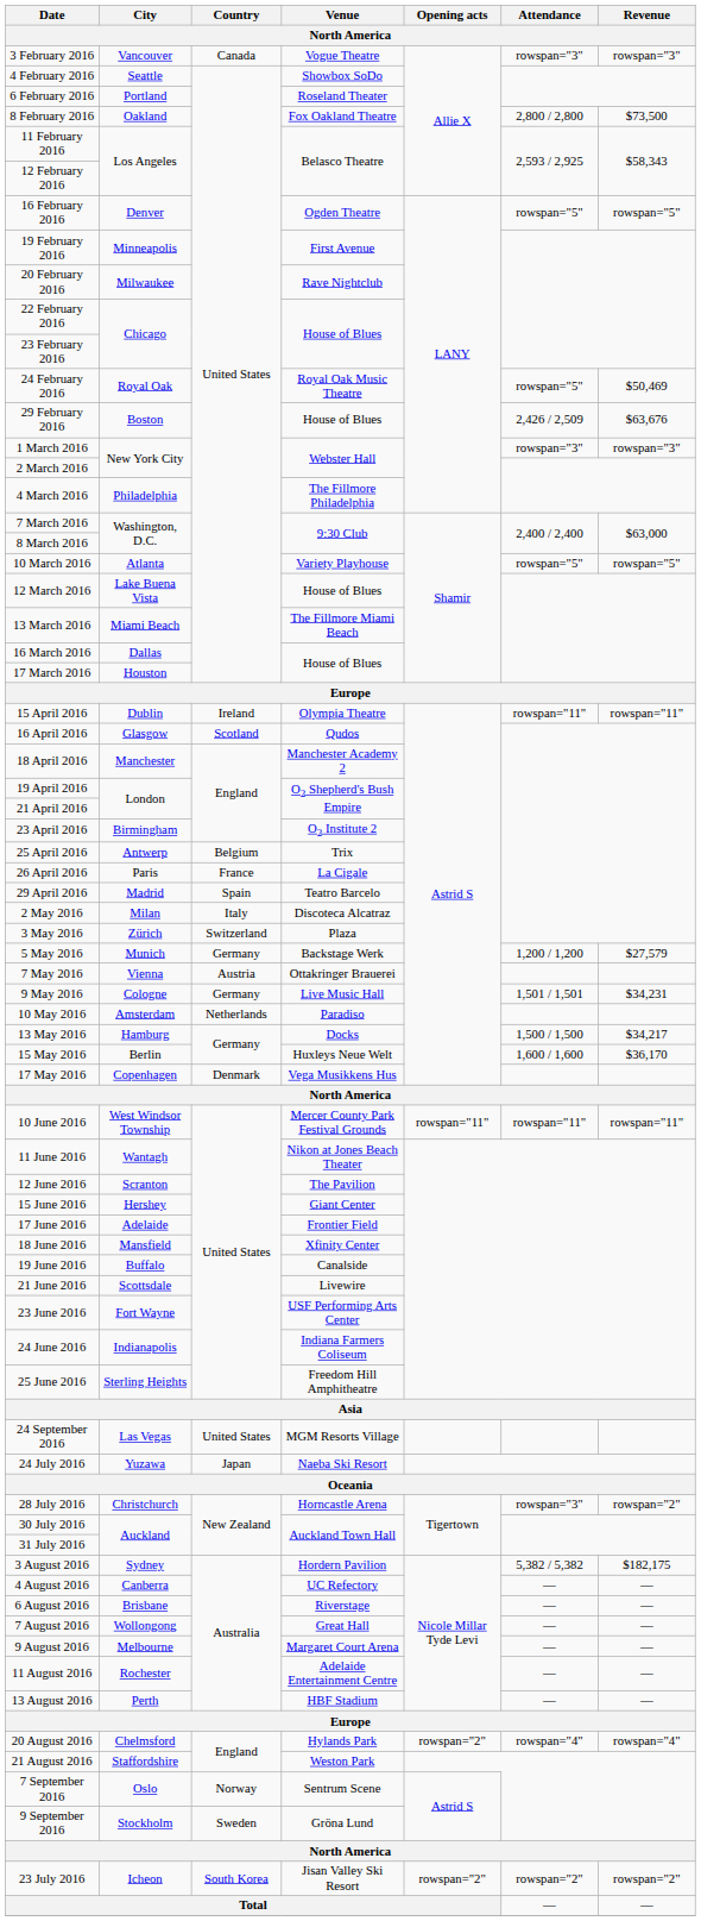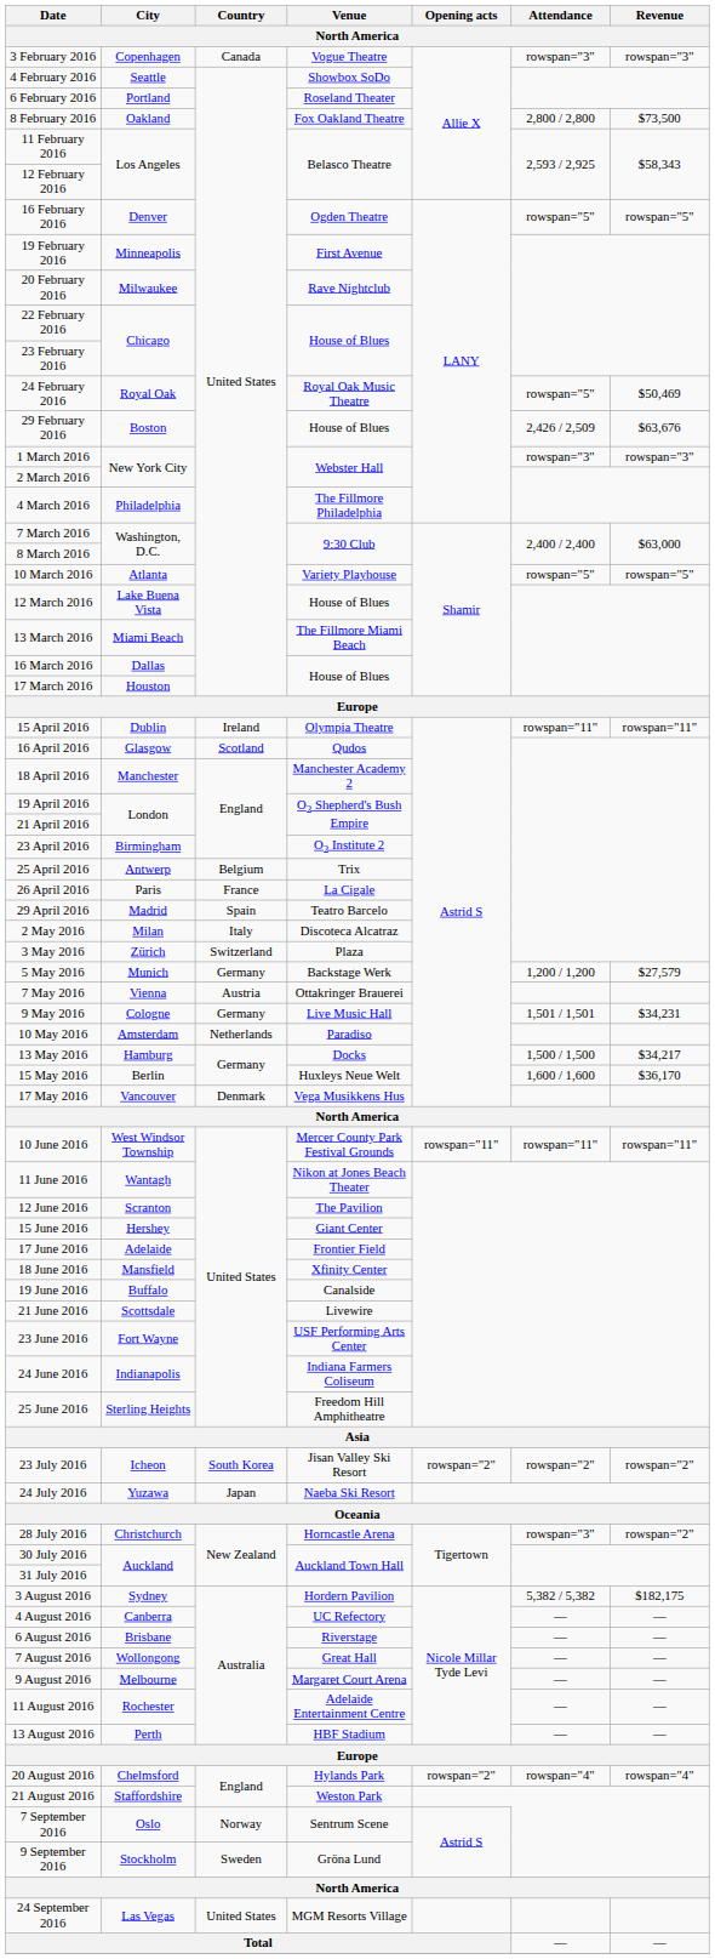 <table class="wikitable" style="text-align:center;">
 <tr>
 <th scope="col" style="width:12em;">Date</th>
 <th scope="col" style="width:10em;">City</th>
 <th scope="col" style="width:10em;">Country</th>
 <th scope="col" style="width:16em;">Venue</th>
 <th scope="col" style="width:10em;">Opening acts</th>
 <th scope="col" style="width:10em;">Attendance</th>
 <th scope="col" style="width:10em;">Revenue</th>
 </tr>
 <tr>
 <th colspan="7">North America</th>
 </tr>
 <tr>
 <td>3 February 2016</td>
-<td><a href='#'>Vancouver</a></td>
+<td><a href='#'>Copenhagen</a></td>
 <td>Canada</td>
 <td><a href='#'>Vogue Theatre</a></td>
 <td rowspan="6"><a href='#'>Allie X</a></td>
 <td>rowspan="3" </td>
 <td>rowspan="3" </td>
 </tr>
 <tr>
 <td>4 February 2016</td>
 <td><a href='#'>Seattle</a></td>
 <td rowspan="22">United States</td>
 <td><a href='#'>Showbox SoDo</a></td>
 </tr>
 <tr>
 <td>6 February 2016</td>
 <td><a href='#'>Portland</a></td>
 <td><a href='#'>Roseland Theater</a></td>
 </tr>
 <tr>
 <td>8 February 2016</td>
 <td><a href='#'>Oakland</a></td>
 <td><a href='#'>Fox Oakland Theatre</a></td>
 <td>2,800 / 2,800</td>
 <td>$73,500</td>
 </tr>
 <tr>
 <td>11 February 2016</td>
 <td rowspan="2">Los Angeles</td>
 <td rowspan="2">Belasco Theatre</td>
 <td rowspan="2">2,593 / 2,925</td>
 <td rowspan="2">$58,343</td>
 </tr>
 <tr>
 <td>12 February 2016</td>
 </tr>
 <tr>
 <td>16 February 2016</td>
 <td><a href='#'>Denver</a></td>
 <td><a href='#'>Ogden Theatre</a></td>
 <td rowspan="10"><a href='#'>LANY</a></td>
 <td>rowspan="5" </td>
 <td>rowspan="5" </td>
 </tr>
 <tr>
 <td>19 February 2016</td>
 <td><a href='#'>Minneapolis</a></td>
 <td><a href='#'>First Avenue</a></td>
 </tr>
 <tr>
 <td>20 February 2016</td>
 <td><a href='#'>Milwaukee</a></td>
 <td><a href='#'>Rave Nightclub</a></td>
 </tr>
 <tr>
 <td>22 February 2016</td>
 <td rowspan="2"><a href='#'>Chicago</a></td>
 <td rowspan="2"><a href='#'>House of Blues</a></td>
 </tr>
 <tr>
 <td>23 February 2016</td>
 </tr>
 <tr>
 <td>24 February 2016</td>
 <td><a href='#'>Royal Oak</a></td>
 <td><a href='#'>Royal Oak Music Theatre</a></td>
 <td>rowspan="5" </td>
 <td>$50,469</td>
 </tr>
 <tr>
 <td>29 February 2016</td>
 <td><a href='#'>Boston</a></td>
 <td>House of Blues</td>
 <td>2,426 / 2,509</td>
 <td>$63,676</td>
 </tr>
 <tr>
 <td>1 March 2016</td>
 <td rowspan="2">New York City</td>
 <td rowspan="2"><a href='#'>Webster Hall</a></td>
 <td>rowspan="3" </td>
 <td>rowspan="3" </td>
 </tr>
 <tr>
 <td>2 March 2016</td>
 </tr>
 <tr>
 <td>4 March 2016</td>
 <td><a href='#'>Philadelphia</a></td>
 <td><a href='#'>The Fillmore Philadelphia</a></td>
 </tr>
 <tr>
 <td>7 March 2016</td>
 <td rowspan="2">Washington, D.C.</td>
 <td rowspan="2"><a href='#'>9:30 Club</a></td>
 <td rowspan="7"><a href='#'>Shamir</a></td>
 <td rowspan="2">2,400 / 2,400</td>
 <td rowspan="2">$63,000</td>
 </tr>
 <tr>
 <td>8 March 2016</td>
 </tr>
 <tr>
 <td>10 March 2016</td>
 <td><a href='#'>Atlanta</a></td>
 <td><a href='#'>Variety Playhouse</a></td>
 <td>rowspan="5" </td>
 <td>rowspan="5" </td>
 </tr>
 <tr>
 <td>12 March 2016</td>
 <td><a href='#'>Lake Buena Vista</a></td>
 <td>House of Blues</td>
 </tr>
 <tr>
 <td>13 March 2016</td>
 <td><a href='#'>Miami Beach</a></td>
 <td><a href='#'>The Fillmore Miami Beach</a></td>
 </tr>
 <tr>
 <td>16 March 2016</td>
 <td><a href='#'>Dallas</a></td>
 <td rowspan="2">House of Blues</td>
 </tr>
 <tr>
 <td>17 March 2016</td>
 <td><a href='#'>Houston</a></td>
 </tr>
 <tr>
 <th colspan="7">Europe</th>
 </tr>
 <tr>
 <td>15 April 2016</td>
 <td><a href='#'>Dublin</a></td>
 <td>Ireland</td>
 <td><a href='#'>Olympia Theatre</a></td>
 <td rowspan="18"><a href='#'>Astrid S</a></td>
 <td>rowspan="11" </td>
 <td>rowspan="11" </td>
 </tr>
 <tr>
 <td>16 April 2016</td>
 <td><a href='#'>Glasgow</a></td>
 <td><a href='#'>Scotland</a></td>
 <td><a href='#'>Qudos</a></td>
 </tr>
 <tr>
 <td>18 April 2016</td>
 <td><a href='#'>Manchester</a></td>
 <td rowspan="4">England</td>
 <td><a href='#'>Manchester Academy 2</a></td>
 </tr>
 <tr>
 <td>19 April 2016</td>
 <td rowspan="2">London</td>
 <td rowspan="2"><a href='#'>O<sub>2</sub> Shepherd's Bush Empire</a></td>
 </tr>
 <tr>
 <td>21 April 2016</td>
 </tr>
 <tr>
 <td>23 April 2016</td>
 <td><a href='#'>Birmingham</a></td>
 <td><a href='#'>O<sub>2</sub> Institute 2</a></td>
 </tr>
 <tr>
 <td>25 April 2016</td>
 <td><a href='#'>Antwerp</a></td>
 <td>Belgium</td>
 <td>Trix</td>
 </tr>
 <tr>
 <td>26 April 2016</td>
 <td>Paris</td>
 <td>France</td>
 <td><a href='#'>La Cigale</a></td>
 </tr>
 <tr>
 <td>29 April 2016</td>
 <td><a href='#'>Madrid</a></td>
 <td>Spain</td>
 <td>Teatro Barcelo</td>
 </tr>
 <tr>
 <td>2 May 2016</td>
 <td><a href='#'>Milan</a></td>
 <td>Italy</td>
 <td>Discoteca Alcatraz</td>
 </tr>
 <tr>
 <td>3 May 2016</td>
 <td><a href='#'>Zürich</a></td>
 <td>Switzerland</td>
 <td>Plaza</td>
 </tr>
 <tr>
 <td>5 May 2016</td>
 <td><a href='#'>Munich</a></td>
 <td>Germany</td>
 <td>Backstage Werk</td>
 <td>1,200 / 1,200</td>
 <td>$27,579</td>
 </tr>
 <tr>
 <td>7 May 2016</td>
 <td><a href='#'>Vienna</a></td>
 <td>Austria</td>
 <td>Ottakringer Brauerei</td>
 <td></td>
 <td></td>
 </tr>
 <tr>
 <td>9 May 2016</td>
 <td><a href='#'>Cologne</a></td>
 <td>Germany</td>
 <td><a href='#'>Live Music Hall</a></td>
 <td>1,501 / 1,501</td>
 <td>$34,231</td>
 </tr>
 <tr>
 <td>10 May 2016</td>
 <td><a href='#'>Amsterdam</a></td>
 <td>Netherlands</td>
 <td><a href='#'>Paradiso</a></td>
 <td></td>
 <td></td>
 </tr>
 <tr>
 <td>13 May 2016</td>
 <td><a href='#'>Hamburg</a></td>
 <td rowspan="2">Germany</td>
 <td><a href='#'>Docks</a></td>
 <td>1,500 / 1,500</td>
 <td>$34,217</td>
 </tr>
 <tr>
 <td>15 May 2016</td>
 <td>Berlin</td>
 <td>Huxleys Neue Welt</td>
 <td>1,600 / 1,600</td>
 <td>$36,170</td>
 </tr>
 <tr>
 <td>17 May 2016</td>
-<td><a href='#'>Copenhagen</a></td>
+<td><a href='#'>Vancouver</a></td>
 <td>Denmark</td>
 <td><a href='#'>Vega Musikkens Hus</a></td>
 <td></td>
 <td></td>
 </tr>
 <tr>
 <th colspan="7">North America</th>
 </tr>
 <tr>
 <td>10 June 2016</td>
 <td><a href='#'>West Windsor Township</a></td>
 <td rowspan="11">United States</td>
 <td><a href='#'>Mercer County Park Festival Grounds</a></td>
 <td>rowspan="11" </td>
 <td>rowspan="11" </td>
 <td>rowspan="11" </td>
 </tr>
 <tr>
 <td>11 June 2016</td>
 <td><a href='#'>Wantagh</a></td>
 <td><a href='#'>Nikon at Jones Beach Theater</a></td>
 </tr>
 <tr>
 <td>12 June 2016</td>
 <td><a href='#'>Scranton</a></td>
 <td><a href='#'>The Pavilion</a></td>
 </tr>
 <tr>
 <td>15 June 2016</td>
 <td><a href='#'>Hershey</a></td>
 <td><a href='#'>Giant Center</a></td>
 </tr>
 <tr>
 <td>17 June 2016</td>
 <td><a href='#'>Adelaide</a></td>
 <td><a href='#'>Frontier Field</a></td>
 </tr>
 <tr>
 <td>18 June 2016</td>
 <td><a href='#'>Mansfield</a></td>
 <td><a href='#'>Xfinity Center</a></td>
 </tr>
 <tr>
 <td>19 June 2016</td>
 <td><a href='#'>Buffalo</a></td>
 <td>Canalside</td>
 </tr>
 <tr>
 <td>21 June 2016</td>
 <td><a href='#'>Scottsdale</a></td>
 <td>Livewire</td>
 </tr>
 <tr>
 <td>23 June 2016</td>
 <td><a href='#'>Fort Wayne</a></td>
 <td><a href='#'>USF Performing Arts Center</a></td>
 </tr>
 <tr>
 <td>24 June 2016</td>
 <td><a href='#'>Indianapolis</a></td>
 <td><a href='#'>Indiana Farmers Coliseum</a></td>
 </tr>
 <tr>
 <td>25 June 2016</td>
 <td><a href='#'>Sterling Heights</a></td>
 <td>Freedom Hill Amphitheatre</td>
 </tr>
 <tr>
 <th colspan="7">Asia</th>
 </tr>
 <tr>
-<td>24 September 2016</td>
-<td><a href='#'>Las Vegas</a></td>
-<td>United States</td>
-<td>MGM Resorts Village</td>
-<td></td>
-<td></td>
-<td></td>
+<td>23 July 2016</td>
+<td><a href='#'>Icheon</a></td>
+<td><a href='#'>South Korea</a></td>
+<td>Jisan Valley Ski Resort</td>
+<td>rowspan="2" </td>
+<td>rowspan="2" </td>
+<td>rowspan="2" </td>
 </tr>
 <tr>
 <td>24 July 2016</td>
 <td><a href='#'>Yuzawa</a></td>
 <td>Japan</td>
 <td><a href='#'>Naeba Ski Resort</a></td>
 </tr>
 <tr>
 <th colspan="7">Oceania</th>
 </tr>
 <tr>
 <td>28 July 2016</td>
 <td><a href='#'>Christchurch</a></td>
 <td rowspan="3">New Zealand</td>
 <td><a href='#'>Horncastle Arena</a></td>
 <td rowspan="3">Tigertown</td>
 <td>rowspan="3" </td>
 <td>rowspan="2" </td>
 </tr>
 <tr>
 <td>30 July 2016</td>
 <td rowspan="2"><a href='#'>Auckland</a></td>
 <td rowspan="2"><a href='#'>Auckland Town Hall</a></td>
 </tr>
 <tr>
 <td>31 July 2016</td>
 </tr>
 <tr>
 <td>3 August 2016</td>
 <td><a href='#'>Sydney</a></td>
 <td rowspan="7">Australia</td>
 <td><a href='#'>Hordern Pavilion</a></td>
 <td rowspan="7"><a href='#'>Nicole Millar</a><br>Tyde Levi</td>
 <td>5,382 / 5,382</td>
 <td>$182,175</td>
 </tr>
 <tr>
 <td>4 August 2016</td>
 <td><a href='#'>Canberra</a></td>
 <td><a href='#'>UC Refectory</a></td>
 <td>—</td>
 <td>—</td>
 </tr>
 <tr>
 <td>6 August 2016</td>
 <td><a href='#'>Brisbane</a></td>
 <td><a href='#'>Riverstage</a></td>
 <td>—</td>
 <td>—</td>
 </tr>
 <tr>
 <td>7 August 2016</td>
 <td><a href='#'>Wollongong</a></td>
 <td><a href='#'>Great Hall</a></td>
 <td>—</td>
 <td>—</td>
 </tr>
 <tr>
 <td>9 August 2016</td>
 <td><a href='#'>Melbourne</a></td>
 <td><a href='#'>Margaret Court Arena</a></td>
 <td>—</td>
 <td>—</td>
 </tr>
 <tr>
 <td>11 August 2016</td>
 <td><a href='#'>Rochester</a></td>
 <td><a href='#'>Adelaide Entertainment Centre</a></td>
 <td>—</td>
 <td>—</td>
 </tr>
 <tr>
 <td>13 August 2016</td>
 <td><a href='#'>Perth</a></td>
 <td><a href='#'>HBF Stadium</a></td>
 <td>—</td>
 <td>—</td>
 </tr>
 <tr>
 <th colspan="7">Europe</th>
 </tr>
 <tr>
 <td>20 August 2016</td>
 <td><a href='#'>Chelmsford</a></td>
 <td rowspan="2">England</td>
 <td><a href='#'>Hylands Park</a></td>
 <td>rowspan="2" </td>
 <td>rowspan="4" </td>
 <td>rowspan="4" </td>
 </tr>
 <tr>
 <td>21 August 2016</td>
 <td><a href='#'>Staffordshire</a></td>
 <td><a href='#'>Weston Park</a></td>
 </tr>
 <tr>
 <td>7 September 2016</td>
 <td><a href='#'>Oslo</a></td>
 <td>Norway</td>
 <td>Sentrum Scene</td>
 <td rowspan="2"><a href='#'>Astrid S</a></td>
 </tr>
 <tr>
 <td>9 September 2016</td>
 <td><a href='#'>Stockholm</a></td>
 <td>Sweden</td>
 <td>Gröna Lund</td>
 </tr>
 <tr>
 <th colspan="7">North America</th>
 </tr>
 <tr>
-<td>23 July 2016</td>
-<td><a href='#'>Icheon</a></td>
-<td><a href='#'>South Korea</a></td>
-<td>Jisan Valley Ski Resort</td>
-<td>rowspan="2" </td>
-<td>rowspan="2" </td>
-<td>rowspan="2" </td>
+<td>24 September 2016</td>
+<td><a href='#'>Las Vegas</a></td>
+<td>United States</td>
+<td>MGM Resorts Village</td>
+<td></td>
+<td></td>
+<td></td>
 </tr>
 <tr>
 <th colspan="5">Total</th>
 <td>—</td>
 <td>—</td>
 </tr>
 <tr>
 </tr>
 </table>
